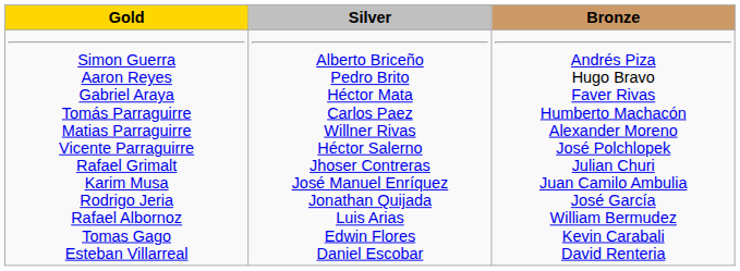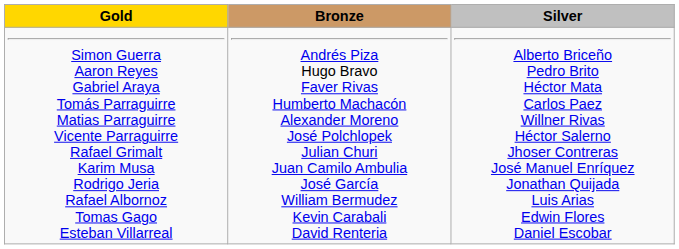 <table class="wikitable" style="font-size:95%;">
 <tr align="center">
 <td style="width: 15em; background: gold"><strong>Gold</strong></td>
+<td style="width: 15em; background: #CC9966"><strong>Bronze</strong></td>
 <td style="width: 15em; background: silver"><strong>Silver</strong></td>
-<td style="width: 15em; background: #CC9966"><strong>Bronze</strong></td>
 </tr>
 <tr valign="top" align="center">
 <td><hr><a href='#'>Simon Guerra</a><br><a href='#'>Aaron Reyes</a><br><a href='#'>Gabriel Araya</a><br><a href='#'>Tomás Parraguirre</a><br><a href='#'>Matias Parraguirre</a><br><a href='#'>Vicente Parraguirre</a><br><a href='#'>Rafael Grimalt</a><br><a href='#'>Karim Musa</a><br><a href='#'>Rodrigo Jeria</a><br><a href='#'>Rafael Albornoz</a><br><a href='#'>Tomas Gago</a><br><a href='#'>Esteban Villarreal</a></td>
+<td><hr><a href='#'>Andrés Piza</a><br>Hugo Bravo<br><a href='#'>Faver Rivas</a><br><a href='#'>Humberto Machacón</a><br><a href='#'>Alexander Moreno</a><br><a href='#'>José Polchlopek</a><br><a href='#'>Julian Churi</a><br><a href='#'>Juan Camilo Ambulia</a><br><a href='#'>José García</a><br><a href='#'>William Bermudez</a><br><a href='#'>Kevin Carabali</a><br><a href='#'>David Renteria</a></td>
 <td><hr><a href='#'>Alberto Briceño</a><br><a href='#'>Pedro Brito</a><br><a href='#'>Héctor Mata</a><br><a href='#'>Carlos Paez</a><br><a href='#'>Willner Rivas</a><br><a href='#'>Héctor Salerno</a><br><a href='#'>Jhoser Contreras</a><br><a href='#'>José Manuel Enríquez</a><br><a href='#'>Jonathan Quijada</a><br><a href='#'>Luis Arias</a><br><a href='#'>Edwin Flores</a><br><a href='#'>Daniel Escobar</a></td>
-<td><hr><a href='#'>Andrés Piza</a><br>Hugo Bravo<br><a href='#'>Faver Rivas</a><br><a href='#'>Humberto Machacón</a><br><a href='#'>Alexander Moreno</a><br><a href='#'>José Polchlopek</a><br><a href='#'>Julian Churi</a><br><a href='#'>Juan Camilo Ambulia</a><br><a href='#'>José García</a><br><a href='#'>William Bermudez</a><br><a href='#'>Kevin Carabali</a><br><a href='#'>David Renteria</a></td>
 </tr>
 </table>
